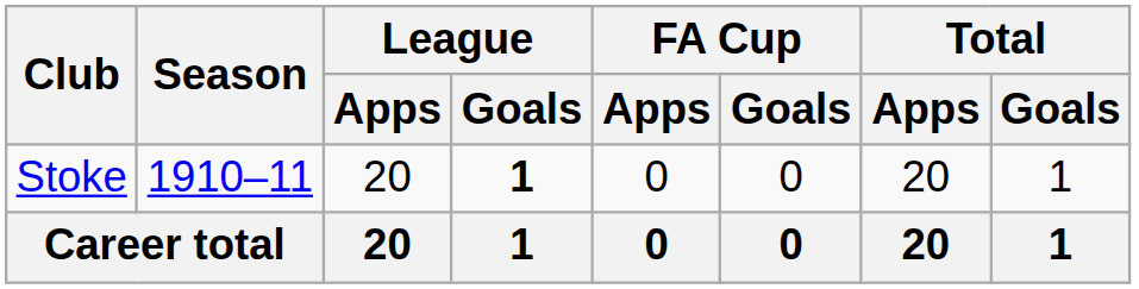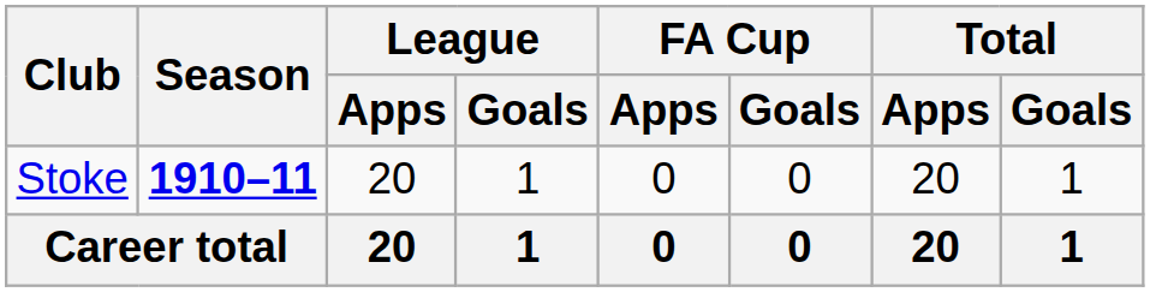 <table class="wikitable" style="text-align: center;">
 <tr>
 <th rowspan="2">Club</th>
 <th rowspan="2">Season</th>
 <th colspan="2">League</th>
 <th colspan="2">FA Cup</th>
 <th colspan="2">Total</th>
 </tr>
 <tr>
 <th>Apps</th>
 <th>Goals</th>
 <th>Apps</th>
 <th>Goals</th>
 <th>Apps</th>
 <th>Goals</th>
 </tr>
 <tr>
 <td><a href='#'>Stoke</a></td>
-<td><a href='#'>1910–11</a></td>
+<td><strong><a href='#'>1910–11</a></strong></td>
 <td>20</td>
-<td><strong>1</strong></td>
+<td>1</td>
 <td>0</td>
 <td>0</td>
 <td>20</td>
 <td>1</td>
 </tr>
 <tr>
 <th colspan="2">Career total</th>
 <th>20</th>
 <th>1</th>
 <th>0</th>
 <th>0</th>
 <th>20</th>
 <th>1</th>
 </tr>
 </table>
